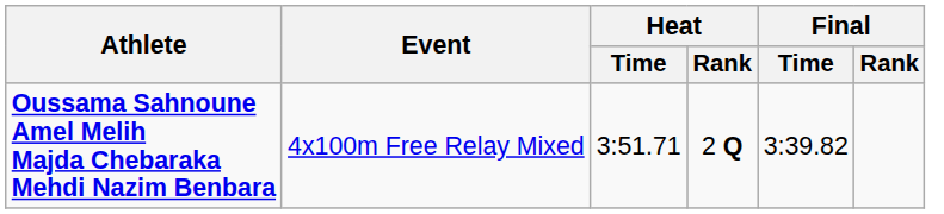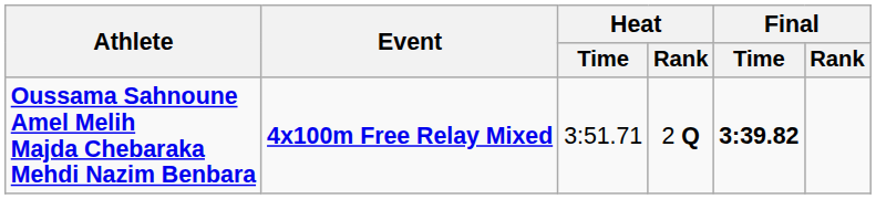 <table class=wikitable style="font-size:90%">
 <tr>
 <th rowspan=2>Athlete</th>
 <th rowspan=2>Event</th>
 <th colspan=2>Heat</th>
 <th colspan=2>Final</th>
 </tr>
 <tr style="font-size:95%">
 <th>Time</th>
 <th>Rank</th>
 <th>Time</th>
 <th>Rank</th>
 </tr>
 <tr align=center>
 <td align=left><strong><a href='#'>Oussama Sahnoune</a><br><a href='#'>Amel Melih</a><br><a href='#'>Majda Chebaraka</a><br><a href='#'>Mehdi Nazim Benbara</a></strong></td>
-<td align=left><a href='#'>4x100m Free Relay Mixed</a></td>
+<td align=left><strong><a href='#'>4x100m Free Relay Mixed</a></strong></td>
 <td>3:51.71</td>
 <td>2 <strong>Q</strong></td>
-<td>3:39.82</td>
+<td><strong>3:39.82</strong></td>
 <td></td>
 </tr>
 </table>
